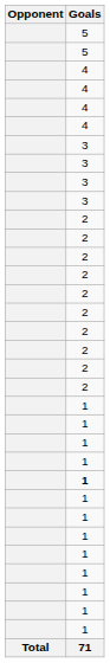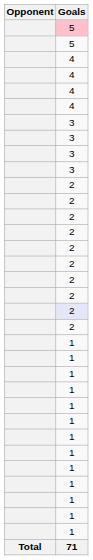 <table class="wikitable plainrowheaders sortable" style="text-align: center;">
 <tr>
 <th scope="col">Opponent</th>
 <th scope="col">Goals</th>
 </tr>
 <tr>
 <th scope="row"></th>
-<td>5</td>
+<td style="background: pink;">5</td>
 </tr>
 <tr>
 <th scope="row"></th>
 <td>5</td>
 </tr>
 <tr>
 <th scope="row"></th>
 <td>4</td>
 </tr>
 <tr>
 <th scope="row"></th>
 <td>4</td>
 </tr>
 <tr>
 <th scope="row"></th>
 <td>4</td>
 </tr>
 <tr>
 <th scope="row"></th>
 <td>4</td>
 </tr>
 <tr>
 <th scope="row"></th>
 <td>3</td>
 </tr>
 <tr>
 <th scope="row"></th>
 <td>3</td>
 </tr>
 <tr>
 <th scope="row"></th>
 <td>3</td>
 </tr>
 <tr>
 <th scope="row"></th>
 <td>3</td>
 </tr>
 <tr>
 <th scope="row"></th>
 <td>2</td>
 </tr>
 <tr>
 <th scope="row"></th>
 <td>2</td>
 </tr>
 <tr>
 <th scope="row"></th>
 <td>2</td>
 </tr>
 <tr>
 <th scope="row"></th>
 <td>2</td>
 </tr>
 <tr>
 <th scope="row"></th>
 <td>2</td>
 </tr>
 <tr>
 <th scope="row"></th>
 <td>2</td>
 </tr>
 <tr>
 <th scope="row"></th>
 <td>2</td>
 </tr>
 <tr>
 <th scope="row"></th>
 <td>2</td>
 </tr>
 <tr>
 <th scope="row"></th>
-<td>2</td>
+<td style="background: lavender;">2</td>
 </tr>
 <tr>
 <th scope="row"></th>
 <td>2</td>
 </tr>
 <tr>
 <th scope="row"></th>
 <td>1</td>
 </tr>
 <tr>
 <th scope="row"></th>
 <td>1</td>
 </tr>
 <tr>
 <th scope="row"></th>
 <td>1</td>
 </tr>
 <tr>
 <th scope="row"></th>
 <td>1</td>
 </tr>
 <tr>
 <th scope="row"></th>
-<td><strong>1</strong></td>
+<td>1</td>
 </tr>
 <tr>
 <th scope="row"></th>
 <td>1</td>
 </tr>
 <tr>
 <th scope="row"></th>
 <td>1</td>
 </tr>
 <tr>
 <th scope="row"></th>
 <td>1</td>
 </tr>
 <tr>
 <th scope="row"></th>
 <td>1</td>
 </tr>
 <tr>
 <th scope="row"></th>
 <td>1</td>
 </tr>
 <tr>
 <th scope="row"></th>
 <td>1</td>
 </tr>
 <tr>
 <th scope="row"></th>
 <td>1</td>
 </tr>
 <tr>
 <th scope="row"></th>
 <td>1</td>
 </tr>
 <tr>
 <th>Total</th>
 <th>71</th>
 </tr>
 </table>
